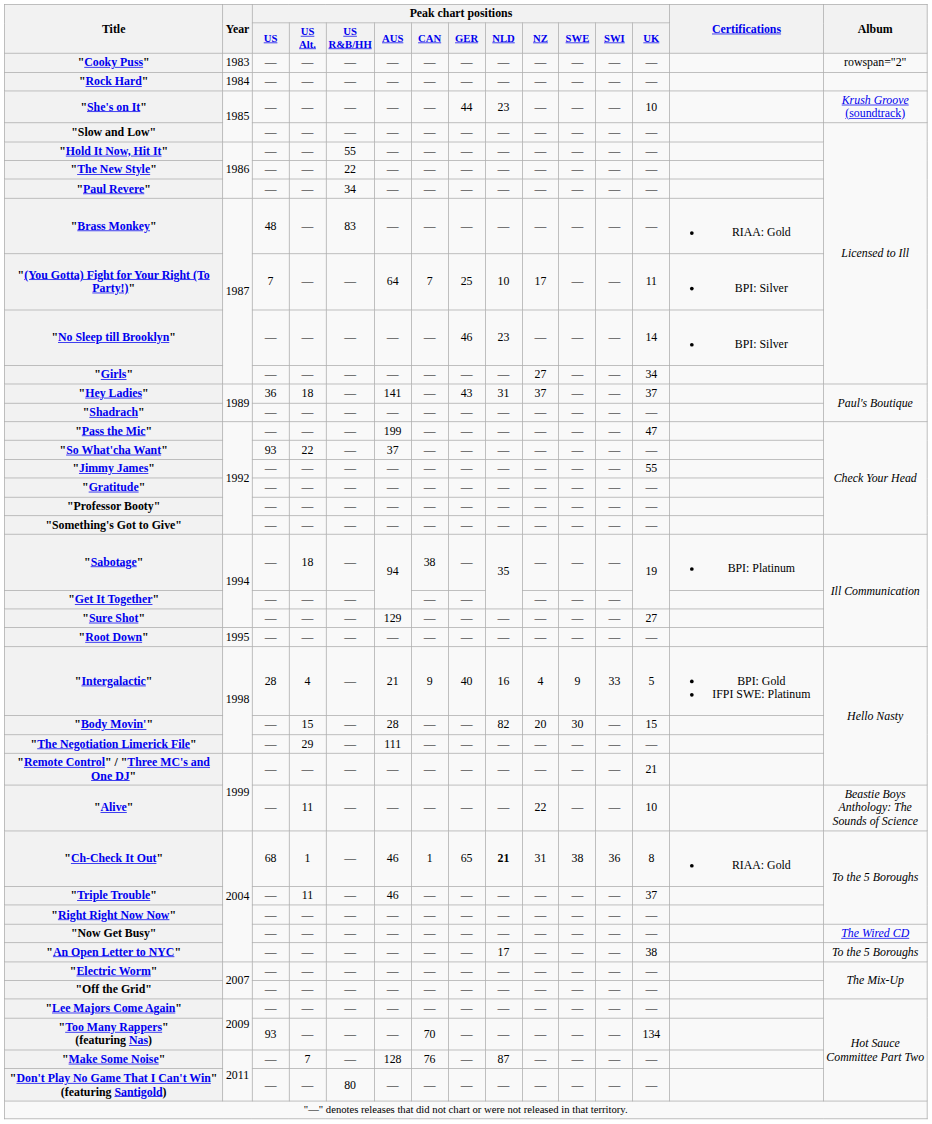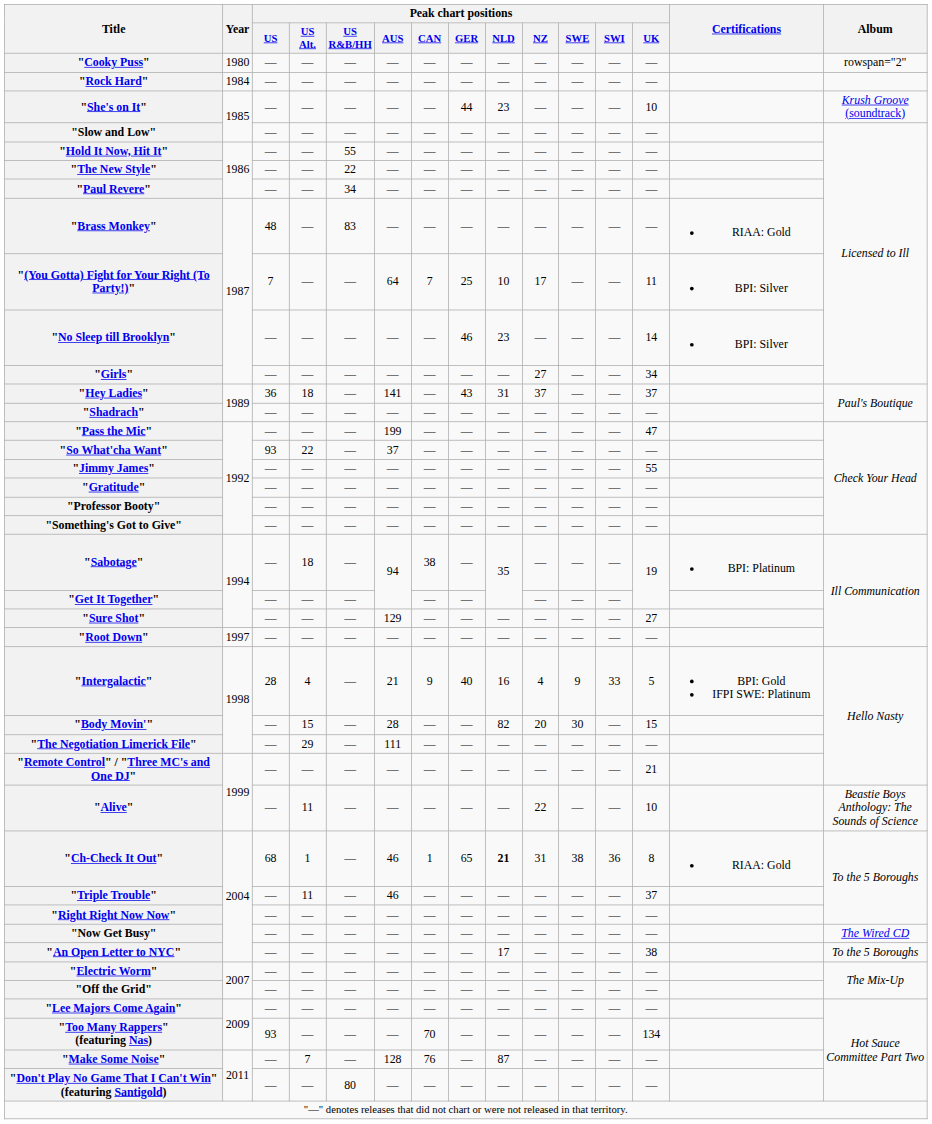 <table class="wikitable plainrowheaders" style="text-align:center;" border="1">
 <tr>
 <th scope="col" rowspan="2" style="width:18em;">Title</th>
 <th scope="col" rowspan="2">Year</th>
 <th scope="col" colspan="11">Peak chart positions</th>
 <th scope="col" rowspan="2" style="width:12.5em;"><a href='#'>Certifications</a></th>
 <th scope="col" rowspan="2">Album</th>
 </tr>
 <tr>
 <th scope="col" style="width:3em;font-size:90%;"><a href='#'>US</a><br></th>
 <th scope="col" style="width:3em;font-size:90%;"><a href='#'>US<br>Alt.</a><br></th>
 <th scope="col" style="width:3em;font-size:90%;"><a href='#'>US<br>R&B/HH</a><br></th>
 <th scope="col" style="width:3em;font-size:90%;"><a href='#'>AUS</a><br></th>
 <th scope="col" style="width:3em;font-size:90%;"><a href='#'>CAN</a><br></th>
 <th scope="col" style="width:3em;font-size:90%;"><a href='#'>GER</a><br></th>
 <th scope="col" style="width:3em;font-size:90%;"><a href='#'>NLD</a><br></th>
 <th scope="col" style="width:3em;font-size:90%;"><a href='#'>NZ</a><br></th>
 <th scope="col" style="width:3em;font-size:90%;"><a href='#'>SWE</a><br></th>
 <th scope="col" style="width:3em;font-size:90%;"><a href='#'>SWI</a><br></th>
 <th scope="col" style="width:3em;font-size:90%;"><a href='#'>UK</a><br></th>
 </tr>
 <tr>
 <th scope="row">"<a href='#'>Cooky Puss</a>"</th>
-<td>1983</td>
+<td>1980</td>
 <td>—</td>
 <td>—</td>
 <td>—</td>
 <td>—</td>
 <td>—</td>
 <td>—</td>
 <td>—</td>
 <td>—</td>
 <td>—</td>
 <td>—</td>
 <td>—</td>
 <td></td>
 <td>rowspan="2" </td>
 </tr>
 <tr>
 <th scope="row">"<a href='#'>Rock Hard</a>"</th>
 <td>1984</td>
 <td>—</td>
 <td>—</td>
 <td>—</td>
 <td>—</td>
 <td>—</td>
 <td>—</td>
 <td>—</td>
 <td>—</td>
 <td>—</td>
 <td>—</td>
 <td>—</td>
 <td></td>
 </tr>
 <tr>
 <th scope="row">"<a href='#'>She's on It</a>"</th>
 <td rowspan="2">1985</td>
 <td>—</td>
 <td>—</td>
 <td>—</td>
 <td>—</td>
 <td>—</td>
 <td>44</td>
 <td>23</td>
 <td>—</td>
 <td>—</td>
 <td>—</td>
 <td>10</td>
 <td></td>
 <td><a href='#'><em>Krush Groove</em> (soundtrack)</a></td>
 </tr>
 <tr>
 <th scope="row">"Slow and Low"</th>
 <td>—</td>
 <td>—</td>
 <td>—</td>
 <td>—</td>
 <td>—</td>
 <td>—</td>
 <td>—</td>
 <td>—</td>
 <td>—</td>
 <td>—</td>
 <td>—</td>
 <td></td>
 <td rowspan="8"><em>Licensed to Ill</em></td>
 </tr>
 <tr>
 <th scope="row">"<a href='#'>Hold It Now, Hit It</a>"</th>
 <td rowspan="3">1986</td>
 <td>—</td>
 <td>—</td>
 <td>55</td>
 <td>—</td>
 <td>—</td>
 <td>—</td>
 <td>—</td>
 <td>—</td>
 <td>—</td>
 <td>—</td>
 <td>—</td>
 <td></td>
 </tr>
 <tr>
 <th scope="row">"<a href='#'>The New Style</a>"</th>
 <td>—</td>
 <td>—</td>
 <td>22</td>
 <td>—</td>
 <td>—</td>
 <td>—</td>
 <td>—</td>
 <td>—</td>
 <td>—</td>
 <td>—</td>
 <td>—</td>
 <td></td>
 </tr>
 <tr>
 <th scope="row">"<a href='#'>Paul Revere</a>"</th>
 <td>—</td>
 <td>—</td>
 <td>34</td>
 <td>—</td>
 <td>—</td>
 <td>—</td>
 <td>—</td>
 <td>—</td>
 <td>—</td>
 <td>—</td>
 <td>—</td>
 <td></td>
 </tr>
 <tr>
 <th scope="row">"<a href='#'>Brass Monkey</a>"</th>
 <td rowspan="4">1987</td>
 <td>48</td>
 <td>—</td>
 <td>83</td>
 <td>—</td>
 <td>—</td>
 <td>—</td>
 <td>—</td>
 <td>—</td>
 <td>—</td>
 <td>—</td>
 <td>—</td>
 <td><br><ul><li>RIAA: Gold</li></ul></td>
 </tr>
 <tr>
 <th scope="row">"<a href='#'>(You Gotta) Fight for Your Right (To Party!)</a>"</th>
 <td>7</td>
 <td>—</td>
 <td>—</td>
 <td>64</td>
 <td>7</td>
 <td>25</td>
 <td>10</td>
 <td>17</td>
 <td>—</td>
 <td>—</td>
 <td>11</td>
 <td><br><ul><li>BPI: Silver</li></ul></td>
 </tr>
 <tr>
 <th scope="row">"<a href='#'>No Sleep till Brooklyn</a>"</th>
 <td>—</td>
 <td>—</td>
 <td>—</td>
 <td>—</td>
 <td>—</td>
 <td>46</td>
 <td>23</td>
 <td>—</td>
 <td>—</td>
 <td>—</td>
 <td>14</td>
 <td><br><ul><li>BPI: Silver</li></ul></td>
 </tr>
 <tr>
 <th scope="row">"<a href='#'>Girls</a>"</th>
 <td>—</td>
 <td>—</td>
 <td>—</td>
 <td>—</td>
 <td>—</td>
 <td>—</td>
 <td>—</td>
 <td>27</td>
 <td>—</td>
 <td>—</td>
 <td>34</td>
 <td></td>
 </tr>
 <tr>
 <th scope="row">"<a href='#'>Hey Ladies</a>"</th>
 <td rowspan="2">1989</td>
 <td>36</td>
 <td>18</td>
 <td>—</td>
 <td>141</td>
 <td>—</td>
 <td>43</td>
 <td>31</td>
 <td>37</td>
 <td>—</td>
 <td>—</td>
 <td>37</td>
 <td></td>
 <td rowspan="2"><em>Paul's Boutique</em></td>
 </tr>
 <tr>
 <th scope="row">"<a href='#'>Shadrach</a>"</th>
 <td>—</td>
 <td>—</td>
 <td>—</td>
 <td>—</td>
 <td>—</td>
 <td>—</td>
 <td>—</td>
 <td>—</td>
 <td>—</td>
 <td>—</td>
 <td>—</td>
 <td></td>
 </tr>
 <tr>
 <th scope="row">"<a href='#'>Pass the Mic</a>"</th>
 <td rowspan="6">1992</td>
 <td>—</td>
 <td>—</td>
 <td>—</td>
 <td>199</td>
 <td>—</td>
 <td>—</td>
 <td>—</td>
 <td>—</td>
 <td>—</td>
 <td>—</td>
 <td>47</td>
 <td></td>
 <td rowspan="6"><em>Check Your Head</em></td>
 </tr>
 <tr>
 <th scope="row">"<a href='#'>So What'cha Want</a>"</th>
 <td>93</td>
 <td>22</td>
 <td>—</td>
 <td>37</td>
 <td>—</td>
 <td>—</td>
 <td>—</td>
 <td>—</td>
 <td>—</td>
 <td>—</td>
 <td>—</td>
 <td></td>
 </tr>
 <tr>
 <th scope="row">"<a href='#'>Jimmy James</a>"</th>
 <td>—</td>
 <td>—</td>
 <td>—</td>
 <td>—</td>
 <td>—</td>
 <td>—</td>
 <td>—</td>
 <td>—</td>
 <td>—</td>
 <td>—</td>
 <td>55</td>
 <td></td>
 </tr>
 <tr>
 <th scope="row">"<a href='#'>Gratitude</a>"</th>
 <td>—</td>
 <td>—</td>
 <td>—</td>
 <td>—</td>
 <td>—</td>
 <td>—</td>
 <td>—</td>
 <td>—</td>
 <td>—</td>
 <td>—</td>
 <td>—</td>
 <td></td>
 </tr>
 <tr>
 <th scope="row">"Professor Booty"</th>
 <td>—</td>
 <td>—</td>
 <td>—</td>
 <td>—</td>
 <td>—</td>
 <td>—</td>
 <td>—</td>
 <td>—</td>
 <td>—</td>
 <td>—</td>
 <td>—</td>
 <td></td>
 </tr>
 <tr>
 <th scope="row">"Something's Got to Give"</th>
 <td>—</td>
 <td>—</td>
 <td>—</td>
 <td>—</td>
 <td>—</td>
 <td>—</td>
 <td>—</td>
 <td>—</td>
 <td>—</td>
 <td>—</td>
 <td>—</td>
 <td></td>
 </tr>
 <tr>
 <th scope="row">"<a href='#'>Sabotage</a>"</th>
 <td rowspan="3">1994</td>
 <td>—</td>
 <td>18</td>
 <td>—</td>
 <td rowspan="2">94</td>
 <td>38</td>
 <td>—</td>
 <td rowspan="2">35</td>
 <td>—</td>
 <td>—</td>
 <td>—</td>
 <td rowspan="2">19</td>
 <td><br><ul><li>BPI: Platinum</li></ul></td>
 <td rowspan="4"><em>Ill Communication</em></td>
 </tr>
 <tr>
 <th scope="row">"<a href='#'>Get It Together</a>"</th>
 <td>—</td>
 <td>—</td>
 <td>—</td>
 <td>—</td>
 <td>—</td>
 <td>—</td>
 <td>—</td>
 <td>—</td>
 <td></td>
 </tr>
 <tr>
 <th scope="row">"<a href='#'>Sure Shot</a>"</th>
 <td>—</td>
 <td>—</td>
 <td>—</td>
 <td>129</td>
 <td>—</td>
 <td>—</td>
 <td>—</td>
 <td>—</td>
 <td>—</td>
 <td>—</td>
 <td>27</td>
 <td></td>
 </tr>
 <tr>
 <th scope="row">"<a href='#'>Root Down</a>"</th>
-<td>1995</td>
+<td>1997</td>
 <td>—</td>
 <td>—</td>
 <td>—</td>
 <td>—</td>
 <td>—</td>
 <td>—</td>
 <td>—</td>
 <td>—</td>
 <td>—</td>
 <td>—</td>
 <td>—</td>
 </tr>
 <tr>
 <th scope="row">"<a href='#'>Intergalactic</a>"</th>
 <td rowspan="3">1998</td>
 <td>28</td>
 <td>4</td>
 <td>—</td>
 <td>21</td>
 <td>9</td>
 <td>40</td>
 <td>16</td>
 <td>4</td>
 <td>9</td>
 <td>33</td>
 <td>5</td>
 <td><br><ul><li>BPI: Gold</li><li>IFPI SWE: Platinum</li></ul></td>
 <td rowspan="4"><em>Hello Nasty</em></td>
 </tr>
 <tr>
 <th scope="row">"<a href='#'>Body Movin'</a>"</th>
 <td>—</td>
 <td>15</td>
 <td>—</td>
 <td>28</td>
 <td>—</td>
 <td>—</td>
 <td>82</td>
 <td>20</td>
 <td>30</td>
 <td>—</td>
 <td>15</td>
 <td></td>
 </tr>
 <tr>
 <th scope="row">"<a href='#'>The Negotiation Limerick File</a>"</th>
 <td>—</td>
 <td>29</td>
 <td>—</td>
 <td>111</td>
 <td>—</td>
 <td>—</td>
 <td>—</td>
 <td>—</td>
 <td>—</td>
 <td>—</td>
 <td>—</td>
 <td></td>
 </tr>
 <tr>
 <th scope="row">"<a href='#'>Remote Control</a>" / "<a href='#'>Three MC's and One DJ</a>"</th>
 <td rowspan="2">1999</td>
 <td>—</td>
 <td>—</td>
 <td>—</td>
 <td>—</td>
 <td>—</td>
 <td>—</td>
 <td>—</td>
 <td>—</td>
 <td>—</td>
 <td>—</td>
 <td>21</td>
 <td></td>
 </tr>
 <tr>
 <th scope="row">"<a href='#'>Alive</a>"</th>
 <td>—</td>
 <td>11</td>
 <td>—</td>
 <td>—</td>
 <td>—</td>
 <td>—</td>
 <td>—</td>
 <td>22</td>
 <td>—</td>
 <td>—</td>
 <td>10</td>
 <td></td>
 <td><em>Beastie Boys Anthology: The Sounds of Science</em></td>
 </tr>
 <tr>
 <th scope="row">"<a href='#'>Ch-Check It Out</a>"</th>
 <td rowspan="5">2004</td>
 <td>68</td>
 <td>1</td>
 <td>—</td>
 <td>46</td>
 <td>1</td>
 <td>65</td>
 <td><strong>21</strong></td>
 <td>31</td>
 <td>38</td>
 <td>36</td>
 <td>8</td>
 <td><br><ul><li>RIAA: Gold</li></ul></td>
 <td rowspan="3"><em>To the 5 Boroughs</em></td>
 </tr>
 <tr>
 <th scope="row">"<a href='#'>Triple Trouble</a>"</th>
 <td>—</td>
 <td>11</td>
 <td>—</td>
 <td>46</td>
 <td>—</td>
 <td>—</td>
 <td>—</td>
 <td>—</td>
 <td>—</td>
 <td>—</td>
 <td>37</td>
 <td></td>
 </tr>
 <tr>
 <th scope="row">"<a href='#'>Right Right Now Now</a>"</th>
 <td>—</td>
 <td>—</td>
 <td>—</td>
 <td>—</td>
 <td>—</td>
 <td>—</td>
 <td>—</td>
 <td>—</td>
 <td>—</td>
 <td>—</td>
 <td>—</td>
 <td></td>
 </tr>
 <tr>
 <th scope="row">"Now Get Busy"</th>
 <td>—</td>
 <td>—</td>
 <td>—</td>
 <td>—</td>
 <td>—</td>
 <td>—</td>
 <td>—</td>
 <td>—</td>
 <td>—</td>
 <td>—</td>
 <td>—</td>
 <td></td>
 <td><em><a href='#'>The Wired CD</a></em></td>
 </tr>
 <tr>
 <th scope="row">"<a href='#'>An Open Letter to NYC</a>"</th>
 <td>—</td>
 <td>—</td>
 <td>—</td>
 <td>—</td>
 <td>—</td>
 <td>—</td>
 <td>17</td>
 <td>—</td>
 <td>—</td>
 <td>—</td>
 <td>38</td>
 <td></td>
 <td><em>To the 5 Boroughs</em></td>
 </tr>
 <tr>
 <th scope="row">"<a href='#'>Electric Worm</a>"</th>
 <td rowspan="2">2007</td>
 <td>—</td>
 <td>—</td>
 <td>—</td>
 <td>—</td>
 <td>—</td>
 <td>—</td>
 <td>—</td>
 <td>—</td>
 <td>—</td>
 <td>—</td>
 <td>—</td>
 <td></td>
 <td rowspan="2"><em>The Mix-Up</em></td>
 </tr>
 <tr>
 <th scope="row">"Off the Grid"</th>
 <td>—</td>
 <td>—</td>
 <td>—</td>
 <td>—</td>
 <td>—</td>
 <td>—</td>
 <td>—</td>
 <td>—</td>
 <td>—</td>
 <td>—</td>
 <td>—</td>
 <td></td>
 </tr>
 <tr>
 <th scope="row">"<a href='#'>Lee Majors Come Again</a>"</th>
 <td rowspan="2">2009</td>
 <td>—</td>
 <td>—</td>
 <td>—</td>
 <td>—</td>
 <td>—</td>
 <td>—</td>
 <td>—</td>
 <td>—</td>
 <td>—</td>
 <td>—</td>
 <td>—</td>
 <td></td>
 <td rowspan="4"><em>Hot Sauce Committee Part Two</em></td>
 </tr>
 <tr>
 <th scope="row">"<a href='#'>Too Many Rappers</a>"<br><span>(featuring <a href='#'>Nas</a>)</span></th>
 <td>93</td>
 <td>—</td>
 <td>—</td>
 <td>—</td>
 <td>70</td>
 <td>—</td>
 <td>—</td>
 <td>—</td>
 <td>—</td>
 <td>—</td>
 <td>134</td>
 <td></td>
 </tr>
 <tr>
 <th scope="row">"<a href='#'>Make Some Noise</a>"</th>
 <td rowspan="2">2011</td>
 <td>—</td>
 <td>7</td>
 <td>—</td>
 <td>128</td>
 <td>76</td>
 <td>—</td>
 <td>87</td>
 <td>—</td>
 <td>—</td>
 <td>—</td>
 <td>—</td>
 <td></td>
 </tr>
 <tr>
 <th scope="row">"<a href='#'>Don't Play No Game That I Can't Win</a>"<br><span>(featuring <a href='#'>Santigold</a>)</span></th>
 <td>—</td>
 <td>—</td>
 <td>80</td>
 <td>—</td>
 <td>—</td>
 <td>—</td>
 <td>—</td>
 <td>—</td>
 <td>—</td>
 <td>—</td>
 <td>—</td>
 <td></td>
 </tr>
 <tr>
 <td colspan="15" style="font-size:90%">"—" denotes releases that did not chart or were not released in that territory.</td>
 </tr>
 </table>
